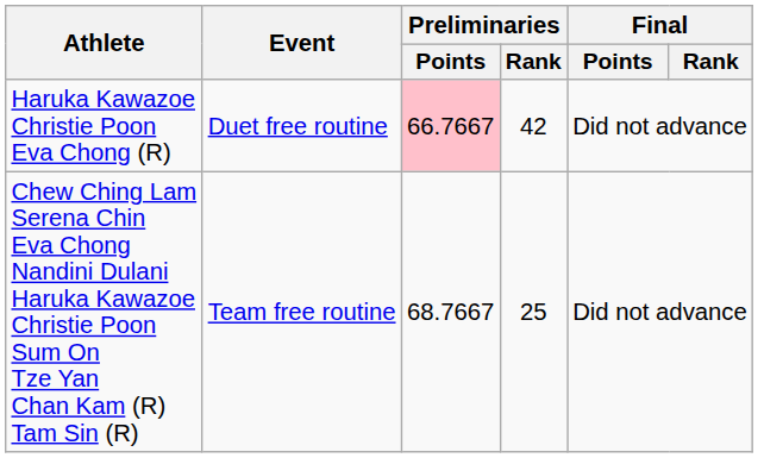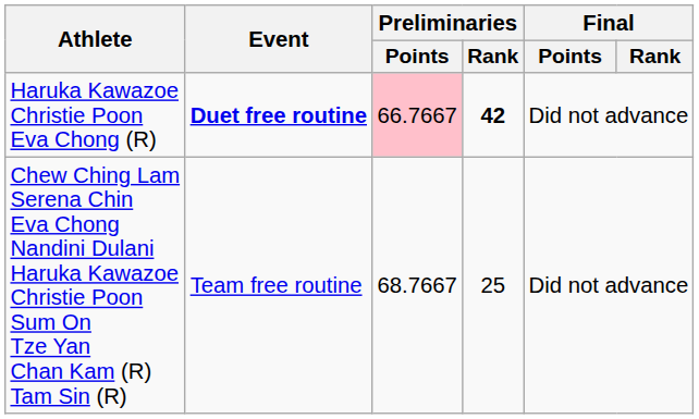 <table class=wikitable style="font-size:90%">
 <tr>
 <th rowspan="2">Athlete</th>
 <th rowspan="2">Event</th>
 <th colspan="2">Preliminaries</th>
 <th colspan="2">Final</th>
 </tr>
 <tr style="font-size:95%">
 <th>Points</th>
 <th>Rank</th>
 <th>Points</th>
 <th>Rank</th>
 </tr>
 <tr align=center>
 <td align=left><a href='#'>Haruka Kawazoe</a><br><a href='#'>Christie Poon</a><br><a href='#'>Eva Chong</a> (R)</td>
-<td align=left><a href='#'>Duet free routine</a></td>
+<td align=left><strong><a href='#'>Duet free routine</a></strong></td>
 <td style="background: pink;">66.7667</td>
-<td>42</td>
+<td><strong>42</strong></td>
 <td colspan=2>Did not advance</td>
 </tr>
 <tr align=center>
 <td align=left><a href='#'>Chew Ching Lam</a><br><a href='#'>Serena Chin</a><br><a href='#'>Eva Chong</a><br><a href='#'>Nandini Dulani</a><br><a href='#'>Haruka Kawazoe</a><br><a href='#'>Christie Poon</a><br><a href='#'>Sum On</a><br><a href='#'>Tze Yan</a><br><a href='#'>Chan Kam</a> (R)<br><a href='#'>Tam Sin</a> (R)</td>
 <td align=left><a href='#'>Team free routine</a></td>
 <td>68.7667</td>
 <td>25</td>
 <td colspan=2>Did not advance</td>
 </tr>
 </table>
